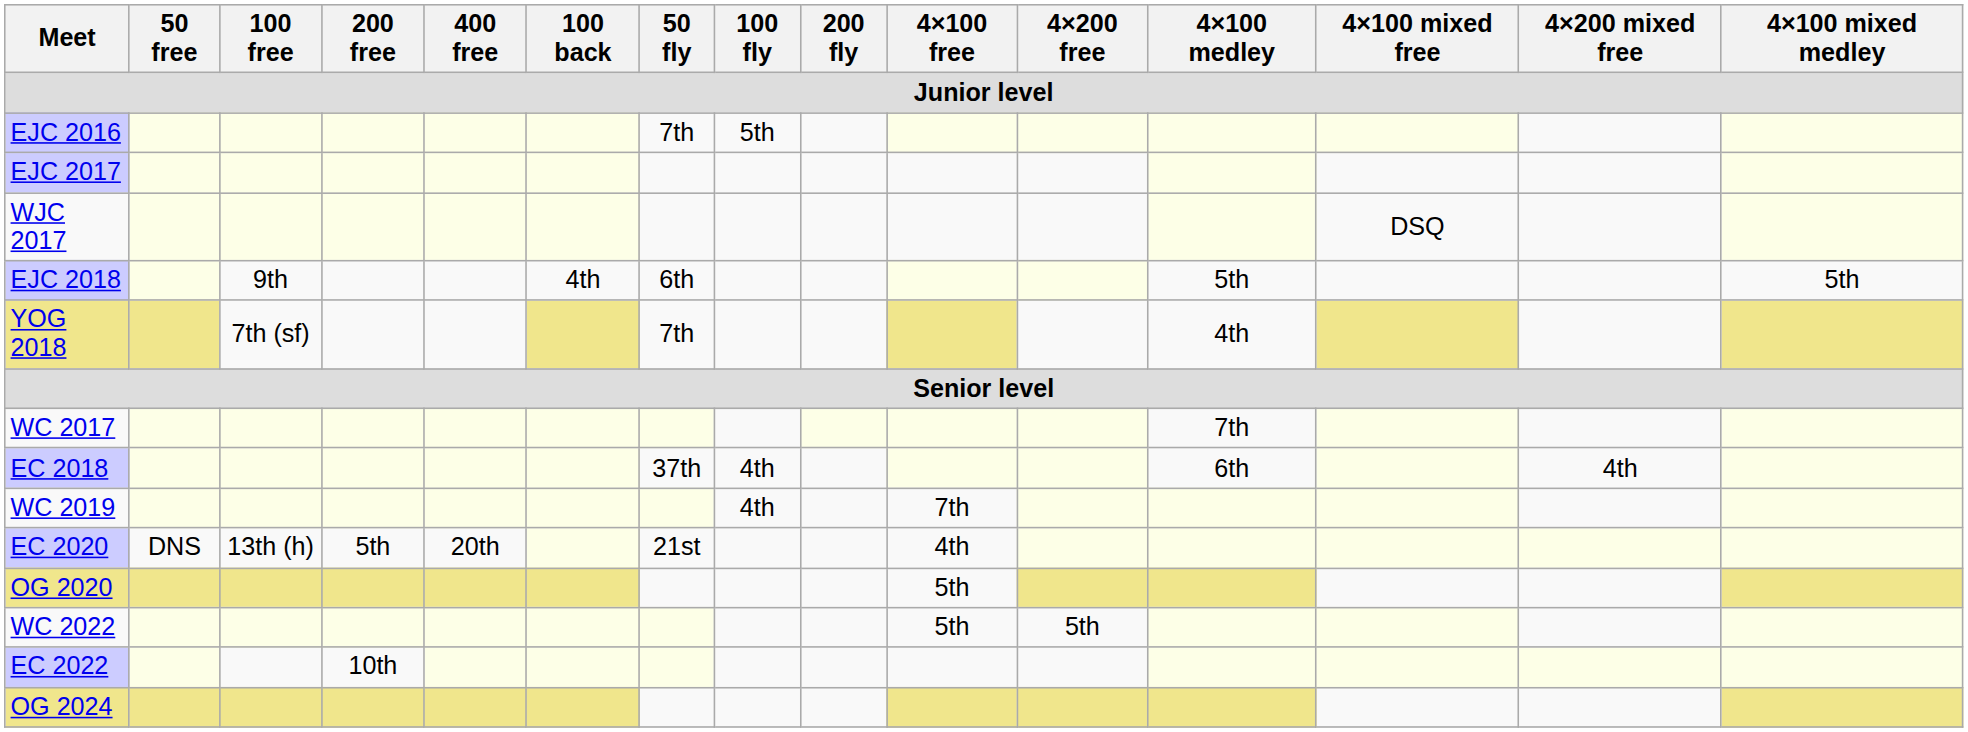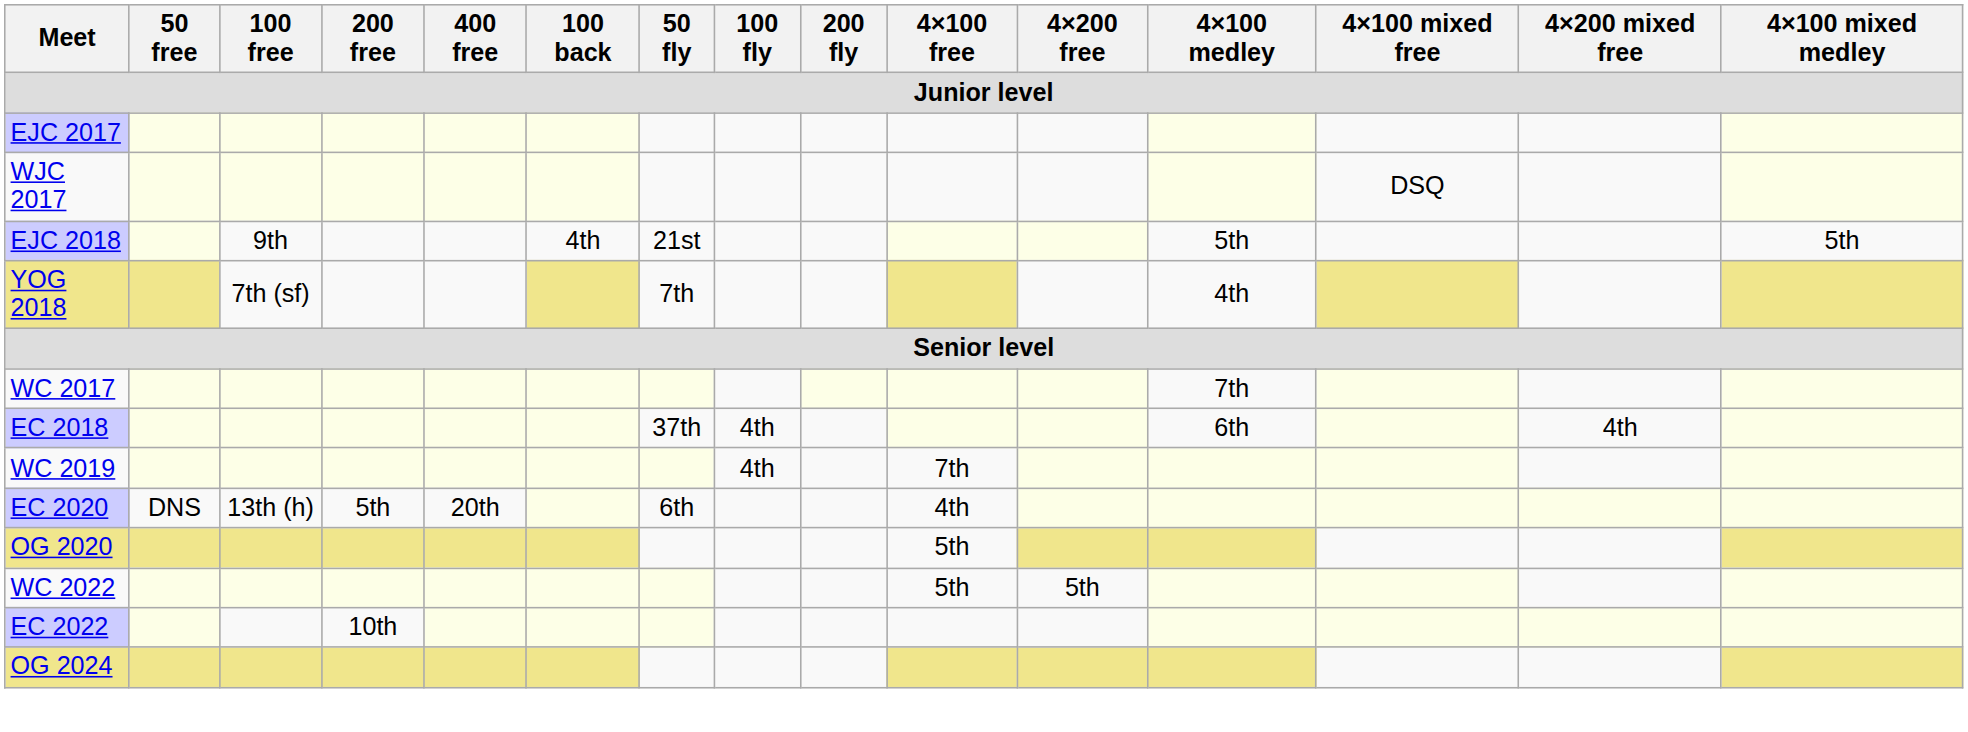 <table class="sortable wikitable">
 <tr>
 <th>Meet</th>
 <th class="unsortable">50 free</th>
 <th class="unsortable">100 free</th>
 <th class="unsortable">200 free</th>
 <th class="unsortable">400 free</th>
 <th class="unsortable">100 back</th>
 <th class="unsortable">50 fly</th>
 <th class="unsortable">100 fly</th>
 <th class="unsortable">200 fly</th>
 <th class="unsortable">4×100 free</th>
 <th class="unsortable">4×200 free</th>
 <th class="unsortable">4×100 medley</th>
 <th class="unsortable">4×100 mixed free</th>
 <th class="unsortable">4×200 mixed free</th>
 <th class="unsortable">4×100 mixed medley</th>
 </tr>
 <tr bgcolor="#DDDDDD">
 <td colspan="15" align="center"><strong>Junior level</strong></td>
-</tr>
-<tr>
-<td style="background:#ccccff"><a href='#'>EJC 2016</a></td>
-<td style="background:#fdffe7"></td>
-<td style="background:#fdffe7"></td>
-<td style="background:#fdffe7"></td>
-<td style="background:#fdffe7"></td>
-<td style="background:#fdffe7"></td>
-<td align="center">7th</td>
-<td align="center">5th</td>
-<td align="center"></td>
-<td style="background:#fdffe7"></td>
-<td style="background:#fdffe7"></td>
-<td style="background:#fdffe7"></td>
-<td style="background:#fdffe7"></td>
-<td></td>
-<td style="background:#fdffe7"></td>
 </tr>
 <tr>
 <td style="background:#ccccff"><a href='#'>EJC 2017</a></td>
 <td style="background:#fdffe7"></td>
 <td style="background:#fdffe7"></td>
 <td style="background:#fdffe7"></td>
 <td style="background:#fdffe7"></td>
 <td style="background:#fdffe7"></td>
 <td align="center"></td>
 <td align="center"></td>
 <td align="center"></td>
 <td align="center"></td>
 <td align="center"></td>
 <td style="background:#fdffe7"></td>
 <td align="center"></td>
 <td></td>
 <td style="background:#fdffe7"></td>
 </tr>
 <tr>
 <td><a href='#'>WJC 2017</a></td>
 <td style="background:#fdffe7"></td>
 <td style="background:#fdffe7"></td>
 <td style="background:#fdffe7"></td>
 <td style="background:#fdffe7"></td>
 <td style="background:#fdffe7"></td>
 <td align="center"></td>
 <td align="center"></td>
 <td align="center"></td>
 <td align="center"></td>
 <td align="center"></td>
 <td style="background:#fdffe7"></td>
 <td align="center">DSQ</td>
 <td></td>
 <td style="background:#fdffe7"></td>
 </tr>
 <tr>
 <td style="background:#ccccff"><a href='#'>EJC 2018</a></td>
 <td style="background:#fdffe7"></td>
 <td align="center">9th</td>
 <td align="center"></td>
 <td align="center"></td>
 <td align="center">4th</td>
-<td align="center">6th</td>
+<td align="center">21st</td>
 <td align="center"></td>
 <td align="center"></td>
 <td style="background:#fdffe7"></td>
 <td style="background:#fdffe7"></td>
 <td align="center">5th</td>
 <td align="center"></td>
 <td></td>
 <td align="center">5th</td>
 </tr>
 <tr>
 <td style="background:#f0e68c"><a href='#'>YOG 2018</a></td>
 <td style="background:#f0e68c"></td>
 <td align="center">7th (sf)</td>
 <td align="center"></td>
 <td align="center"></td>
 <td style="background:#f0e68c"></td>
 <td align="center">7th</td>
 <td align="center"></td>
 <td align="center"></td>
 <td style="background:#f0e68c"></td>
 <td></td>
 <td align="center">4th</td>
 <td style="background:#f0e68c"></td>
 <td></td>
 <td style="background:#f0e68c"></td>
 </tr>
 <tr bgcolor="#DDDDDD">
 <td colspan="15" align="center"><strong>Senior level</strong></td>
 </tr>
 <tr>
 <td><a href='#'>WC 2017</a></td>
 <td style="background:#fdffe7"></td>
 <td style="background:#fdffe7"></td>
 <td style="background:#fdffe7"></td>
 <td style="background:#fdffe7"></td>
 <td style="background:#fdffe7"></td>
 <td style="background:#fdffe7"></td>
 <td align="center"></td>
 <td style="background:#fdffe7"></td>
 <td style="background:#fdffe7"></td>
 <td style="background:#fdffe7"></td>
 <td align="center">7th</td>
 <td style="background:#fdffe7"></td>
 <td></td>
 <td style="background:#fdffe7"></td>
 </tr>
 <tr>
 <td style="background:#ccccff"><a href='#'>EC 2018</a></td>
 <td style="background:#fdffe7"></td>
 <td style="background:#fdffe7"></td>
 <td style="background:#fdffe7"></td>
 <td style="background:#fdffe7"></td>
 <td style="background:#fdffe7"></td>
 <td align="center">37th</td>
 <td align="center">4th</td>
 <td align="center"></td>
 <td style="background:#fdffe7"></td>
 <td style="background:#fdffe7"></td>
 <td align="center">6th</td>
 <td style="background:#fdffe7"></td>
 <td align="center">4th</td>
 <td style="background:#fdffe7"></td>
 </tr>
 <tr>
 <td><a href='#'>WC 2019</a></td>
 <td style="background:#fdffe7"></td>
 <td style="background:#fdffe7"></td>
 <td style="background:#fdffe7"></td>
 <td style="background:#fdffe7"></td>
 <td style="background:#fdffe7"></td>
 <td style="background:#fdffe7"></td>
 <td align="center">4th</td>
 <td align="center"></td>
 <td align="center">7th</td>
 <td style="background:#fdffe7"></td>
 <td style="background:#fdffe7"></td>
 <td style="background:#fdffe7"></td>
 <td></td>
 <td style="background:#fdffe7"></td>
 </tr>
 <tr>
 <td style="background:#ccccff"><a href='#'>EC 2020</a></td>
 <td align="center">DNS</td>
 <td align="center">13th (h)</td>
 <td align="center">5th</td>
 <td align="center">20th</td>
 <td style="background:#fdffe7"></td>
-<td align="center">21st</td>
+<td align="center">6th</td>
 <td align="center"></td>
 <td align="center"></td>
 <td align="center">4th</td>
 <td style="background:#fdffe7"></td>
 <td style="background:#fdffe7"></td>
 <td style="background:#fdffe7"></td>
 <td style="background:#fdffe7"></td>
 <td style="background:#fdffe7"></td>
 </tr>
 <tr>
 <td style="background:#f0e68c"><a href='#'>OG 2020</a></td>
 <td style="background:#f0e68c"></td>
 <td style="background:#f0e68c"></td>
 <td style="background:#f0e68c"></td>
 <td style="background:#f0e68c"></td>
 <td style="background:#f0e68c"></td>
 <td></td>
 <td align="center"></td>
 <td align="center"></td>
 <td align="center">5th</td>
 <td style="background:#f0e68c"></td>
 <td style="background:#f0e68c"></td>
 <td></td>
 <td></td>
 <td style="background:#f0e68c"></td>
 </tr>
 <tr>
 <td><a href='#'>WC 2022</a></td>
 <td style="background:#fdffe7"></td>
 <td style="background:#fdffe7"></td>
 <td style="background:#fdffe7"></td>
 <td style="background:#fdffe7"></td>
 <td style="background:#fdffe7"></td>
 <td style="background:#fdffe7"></td>
 <td align="center"></td>
 <td align="center"></td>
 <td align="center">5th</td>
 <td align="center">5th</td>
 <td style="background:#fdffe7"></td>
 <td style="background:#fdffe7"></td>
 <td></td>
 <td style="background:#fdffe7"></td>
 </tr>
 <tr>
 <td style="background:#ccccff"><a href='#'>EC 2022</a></td>
 <td style="background:#fdffe7"></td>
 <td align="center"></td>
 <td align="center">10th</td>
 <td style="background:#fdffe7"></td>
 <td style="background:#fdffe7"></td>
 <td style="background:#fdffe7"></td>
 <td align="center"></td>
 <td align="center"></td>
 <td align="center"></td>
 <td align="center"></td>
 <td style="background:#fdffe7"></td>
 <td style="background:#fdffe7"></td>
 <td style="background:#fdffe7"></td>
 <td style="background:#fdffe7"></td>
 </tr>
 <tr>
 <td style="background:#f0e68c"><a href='#'>OG 2024</a></td>
 <td style="background:#f0e68c"></td>
 <td style="background:#f0e68c"></td>
 <td style="background:#f0e68c"></td>
 <td style="background:#f0e68c"></td>
 <td style="background:#f0e68c"></td>
 <td></td>
 <td align="center"></td>
 <td align="center"></td>
 <td style="background:#f0e68c"></td>
 <td style="background:#f0e68c"></td>
 <td style="background:#f0e68c"></td>
 <td></td>
 <td></td>
 <td style="background:#f0e68c"></td>
 </tr>
 </table>
